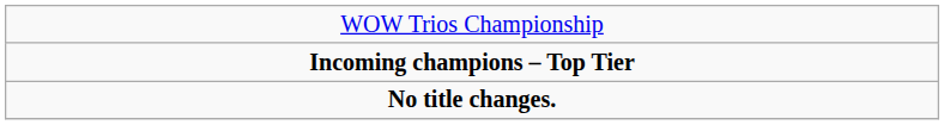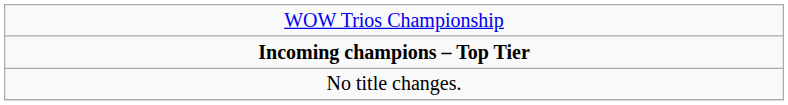 <table class="wikitable" style="text-align:center; width:100%;">
 <tr>
 <td colspan="4" style="text-align: center;"><a href='#'>WOW Trios Championship</a></td>
 </tr>
 <tr>
 <td colspan="4" style="text-align: center;"><strong>Incoming champions – Top Tier </strong></td>
 </tr>
 <tr>
-<td><strong>No title changes.</strong></td>
+<td>No title changes.</td>
 </tr>
 <tr>
 </tr>
 </table>
